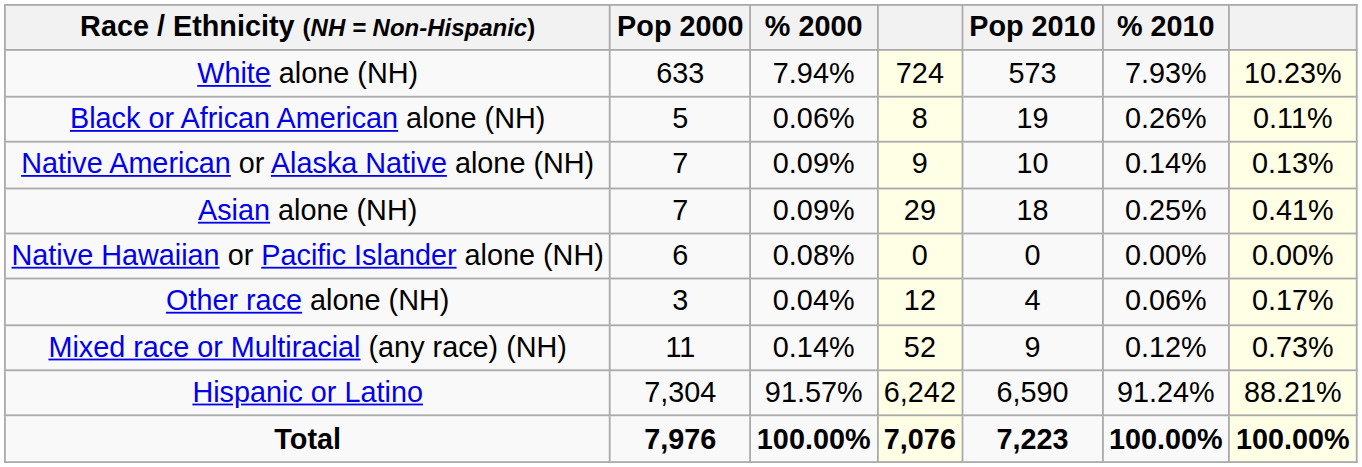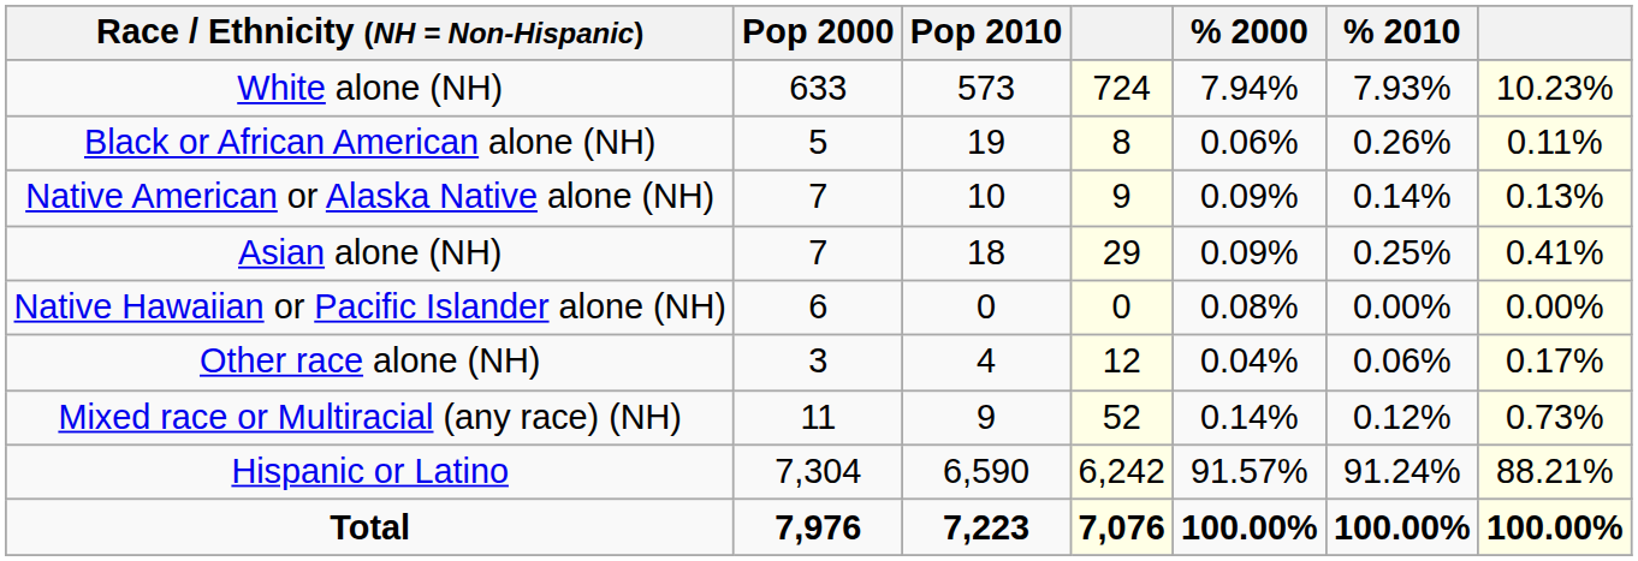 <table class="wikitable" style="text-align:center;">
 <tr>
 <th>Race / Ethnicity <small>(<em>NH = Non-Hispanic</em>)</small></th>
 <th>Pop 2000</th>
+<th>Pop 2010</th>
+<th></th>
 <th>% 2000</th>
-<th></th>
-<th>Pop 2010</th>
 <th>% 2010</th>
 <th></th>
 </tr>
 <tr>
 <td><a href='#'>White</a> alone (NH)</td>
 <td>633</td>
+<td>573</td>
+<td style='background: #ffffe6;'>724</td>
 <td>7.94%</td>
-<td style='background: #ffffe6;'>724</td>
-<td>573</td>
 <td>7.93%</td>
 <td style='background: #ffffe6;'>10.23%</td>
 </tr>
 <tr>
 <td><a href='#'>Black or African American</a> alone (NH)</td>
 <td>5</td>
+<td>19</td>
+<td style='background: #ffffe6;'>8</td>
 <td>0.06%</td>
-<td style='background: #ffffe6;'>8</td>
-<td>19</td>
 <td>0.26%</td>
 <td style='background: #ffffe6;'>0.11%</td>
 </tr>
 <tr>
 <td><a href='#'>Native American</a> or <a href='#'>Alaska Native</a> alone (NH)</td>
 <td>7</td>
+<td>10</td>
+<td style='background: #ffffe6;'>9</td>
 <td>0.09%</td>
-<td style='background: #ffffe6;'>9</td>
-<td>10</td>
 <td>0.14%</td>
 <td style='background: #ffffe6;'>0.13%</td>
 </tr>
 <tr>
 <td><a href='#'>Asian</a> alone (NH)</td>
 <td>7</td>
+<td>18</td>
+<td style='background: #ffffe6;'>29</td>
 <td>0.09%</td>
-<td style='background: #ffffe6;'>29</td>
-<td>18</td>
 <td>0.25%</td>
 <td style='background: #ffffe6;'>0.41%</td>
 </tr>
 <tr>
 <td><a href='#'>Native Hawaiian</a> or <a href='#'>Pacific Islander</a> alone (NH)</td>
 <td>6</td>
+<td>0</td>
+<td style='background: #ffffe6;'>0</td>
 <td>0.08%</td>
-<td style='background: #ffffe6;'>0</td>
-<td>0</td>
 <td>0.00%</td>
 <td style='background: #ffffe6;'>0.00%</td>
 </tr>
 <tr>
 <td><a href='#'>Other race</a> alone (NH)</td>
 <td>3</td>
+<td>4</td>
+<td style='background: #ffffe6;'>12</td>
 <td>0.04%</td>
-<td style='background: #ffffe6;'>12</td>
-<td>4</td>
 <td>0.06%</td>
 <td style='background: #ffffe6;'>0.17%</td>
 </tr>
 <tr>
 <td><a href='#'>Mixed race or Multiracial</a> (any race) (NH)</td>
 <td>11</td>
+<td>9</td>
+<td style='background: #ffffe6;'>52</td>
 <td>0.14%</td>
-<td style='background: #ffffe6;'>52</td>
-<td>9</td>
 <td>0.12%</td>
 <td style='background: #ffffe6;'>0.73%</td>
 </tr>
 <tr>
 <td><a href='#'>Hispanic or Latino</a></td>
 <td>7,304</td>
+<td>6,590</td>
+<td style='background: #ffffe6;'>6,242</td>
 <td>91.57%</td>
-<td style='background: #ffffe6;'>6,242</td>
-<td>6,590</td>
 <td>91.24%</td>
 <td style='background: #ffffe6;'>88.21%</td>
 </tr>
 <tr>
 <td><strong>Total</strong></td>
 <td><strong>7,976</strong></td>
+<td><strong>7,223</strong></td>
+<td style='background: #ffffe6;'><strong>7,076</strong></td>
 <td><strong>100.00%</strong></td>
-<td style='background: #ffffe6;'><strong>7,076</strong></td>
-<td><strong>7,223</strong></td>
 <td><strong>100.00%</strong></td>
 <td style='background: #ffffe6;'><strong>100.00%</strong></td>
 </tr>
 </table>
